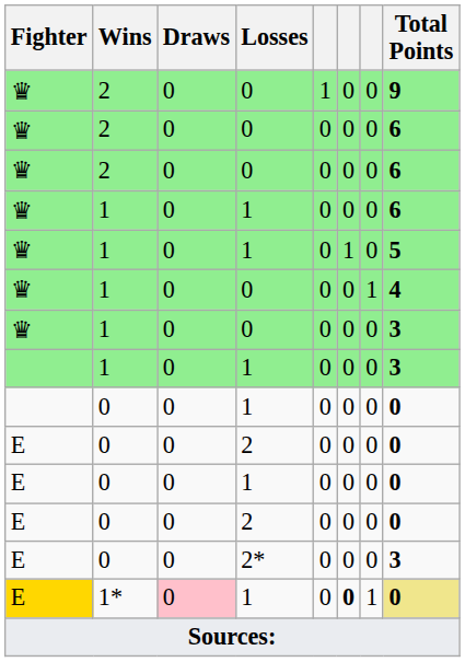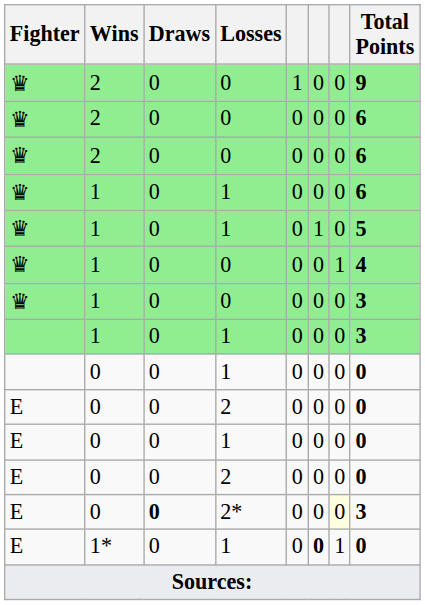 <table class="wikitable sortable">
 <tr>
 <th>Fighter</th>
 <th>Wins</th>
 <th>Draws</th>
 <th>Losses</th>
 <th></th>
 <th></th>
 <th></th>
 <th>Total<br> Points</th>
 </tr>
 <tr>
 <td style="background:#90EE90;">♛ </td>
 <td style="background:#90EE90;">2</td>
 <td style="background:#90EE90;">0</td>
 <td style="background:#90EE90;">0</td>
 <td style="background:#90EE90;">1</td>
 <td style="background:#90EE90;">0</td>
 <td style="background:#90EE90;">0</td>
 <td style="background:#90EE90;"><strong>9</strong></td>
 </tr>
 <tr>
 <td style="background:#90EE90;">♛ </td>
 <td style="background:#90EE90;">2</td>
 <td style="background:#90EE90;">0</td>
 <td style="background:#90EE90;">0</td>
 <td style="background:#90EE90;">0</td>
 <td style="background:#90EE90;">0</td>
 <td style="background:#90EE90;">0</td>
 <td style="background:#90EE90;"><strong>6</strong></td>
 </tr>
 <tr>
 <td style="background:#90EE90;">♛ </td>
 <td style="background:#90EE90;">2</td>
 <td style="background:#90EE90;">0</td>
 <td style="background:#90EE90;">0</td>
 <td style="background:#90EE90;">0</td>
 <td style="background:#90EE90;">0</td>
 <td style="background:#90EE90;">0</td>
 <td style="background:#90EE90;"><strong>6</strong></td>
 </tr>
 <tr>
 <td style="background:#90EE90;">♛ </td>
 <td style="background:#90EE90;">1</td>
 <td style="background:#90EE90;">0</td>
 <td style="background:#90EE90;">1</td>
 <td style="background:#90EE90;">0</td>
 <td style="background:#90EE90;">0</td>
 <td style="background:#90EE90;">0</td>
 <td style="background:#90EE90;"><strong>6</strong></td>
 </tr>
 <tr>
 <td style="background:#90EE90;">♛ </td>
 <td style="background:#90EE90;">1</td>
 <td style="background:#90EE90;">0</td>
 <td style="background:#90EE90;">1</td>
 <td style="background:#90EE90;">0</td>
 <td style="background:#90EE90;">1</td>
 <td style="background:#90EE90;">0</td>
 <td style="background:#90EE90;"><strong>5</strong></td>
 </tr>
 <tr>
 <td style="background:#90EE90;">♛ </td>
 <td style="background:#90EE90;">1</td>
 <td style="background:#90EE90;">0</td>
 <td style="background:#90EE90;">0</td>
 <td style="background:#90EE90;">0</td>
 <td style="background:#90EE90;">0</td>
 <td style="background:#90EE90;">1</td>
 <td style="background:#90EE90;"><strong>4</strong></td>
 </tr>
 <tr>
 <td style="background:#90EE90;">♛ </td>
 <td style="background:#90EE90;">1</td>
 <td style="background:#90EE90;">0</td>
 <td style="background:#90EE90;">0</td>
 <td style="background:#90EE90;">0</td>
 <td style="background:#90EE90;">0</td>
 <td style="background:#90EE90;">0</td>
 <td style="background:#90EE90;"><strong>3</strong></td>
 </tr>
 <tr>
 <td style="background:#90EE90;"></td>
 <td style="background:#90EE90;">1</td>
 <td style="background:#90EE90;">0</td>
 <td style="background:#90EE90;">1</td>
 <td style="background:#90EE90;">0</td>
 <td style="background:#90EE90;">0</td>
 <td style="background:#90EE90;">0</td>
 <td style="background:#90EE90;"><strong>3</strong></td>
 </tr>
 <tr>
 <td></td>
 <td>0</td>
 <td>0</td>
 <td>1</td>
 <td>0</td>
 <td>0</td>
 <td>0</td>
 <td><strong>0</strong></td>
 </tr>
 <tr>
 <td>E </td>
 <td>0</td>
 <td>0</td>
 <td>2</td>
 <td>0</td>
 <td>0</td>
 <td>0</td>
 <td><strong>0</strong></td>
 </tr>
 <tr>
 <td>E </td>
 <td>0</td>
 <td>0</td>
 <td>1</td>
 <td>0</td>
 <td>0</td>
 <td>0</td>
 <td><strong>0</strong></td>
 </tr>
 <tr>
 <td>E </td>
 <td>0</td>
 <td>0</td>
 <td>2</td>
 <td>0</td>
 <td>0</td>
 <td>0</td>
 <td><strong>0</strong></td>
 </tr>
 <tr>
 <td>E </td>
 <td>0</td>
-<td>0</td>
+<td><strong>0</strong></td>
 <td>2*</td>
 <td>0</td>
 <td>0</td>
-<td>0</td>
+<td style="background: lightyellow;">0</td>
 <td><strong>3</strong></td>
 </tr>
 <tr>
-<td style="background: gold;">E </td>
+<td>E </td>
 <td>1*</td>
-<td style="background: pink;">0</td>
+<td>0</td>
 <td>1</td>
 <td>0</td>
 <td><strong>0</strong></td>
 <td>1</td>
-<td style="background: khaki;"><strong>0</strong></td>
+<td><strong>0</strong></td>
 </tr>
 <tr>
 <td colspan="8" style="background-color:#EAECF0; text-align:center"><strong>Sources:</strong></td>
 </tr>
 </table>
